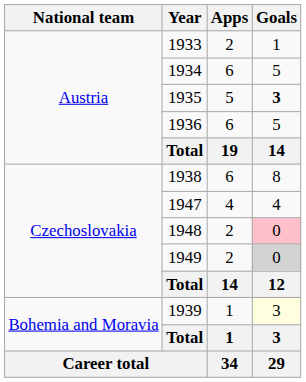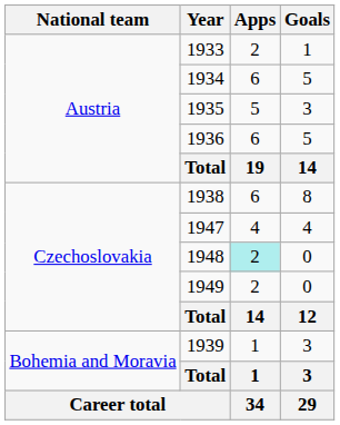 <table class="wikitable" style="text-align:center">
 <tr>
 <th>National team</th>
 <th>Year</th>
 <th>Apps</th>
 <th>Goals</th>
 </tr>
 <tr>
 <td rowspan="5"><a href='#'>Austria</a></td>
 <td>1933</td>
 <td>2</td>
 <td>1</td>
 </tr>
 <tr>
 <td>1934</td>
 <td>6</td>
 <td>5</td>
 </tr>
 <tr>
 <td>1935</td>
 <td>5</td>
-<td><strong>3</strong></td>
+<td>3</td>
 </tr>
 <tr>
 <td>1936</td>
 <td>6</td>
 <td>5</td>
 </tr>
 <tr>
 <th>Total</th>
 <th>19</th>
 <th>14</th>
 </tr>
 <tr>
 <td rowspan="5"><a href='#'>Czechoslovakia</a></td>
 <td>1938</td>
 <td>6</td>
 <td>8</td>
 </tr>
 <tr>
 <td>1947</td>
 <td>4</td>
 <td>4</td>
 </tr>
 <tr>
 <td>1948</td>
-<td>2</td>
-<td style="background: pink;">0</td>
+<td style="background: paleturquoise;">2</td>
+<td>0</td>
 </tr>
 <tr>
 <td>1949</td>
 <td>2</td>
-<td style="background: lightgrey;">0</td>
+<td>0</td>
 </tr>
 <tr>
 <th>Total</th>
 <th>14</th>
 <th>12</th>
 </tr>
 <tr>
 <td rowspan="2"><a href='#'>Bohemia and Moravia</a></td>
 <td>1939</td>
 <td>1</td>
-<td style="background: lightyellow;">3</td>
+<td>3</td>
 </tr>
 <tr>
 <th>Total</th>
 <th>1</th>
 <th>3</th>
 </tr>
 <tr>
 <th colspan="2">Career total</th>
 <th>34</th>
 <th>29</th>
 </tr>
 </table>
